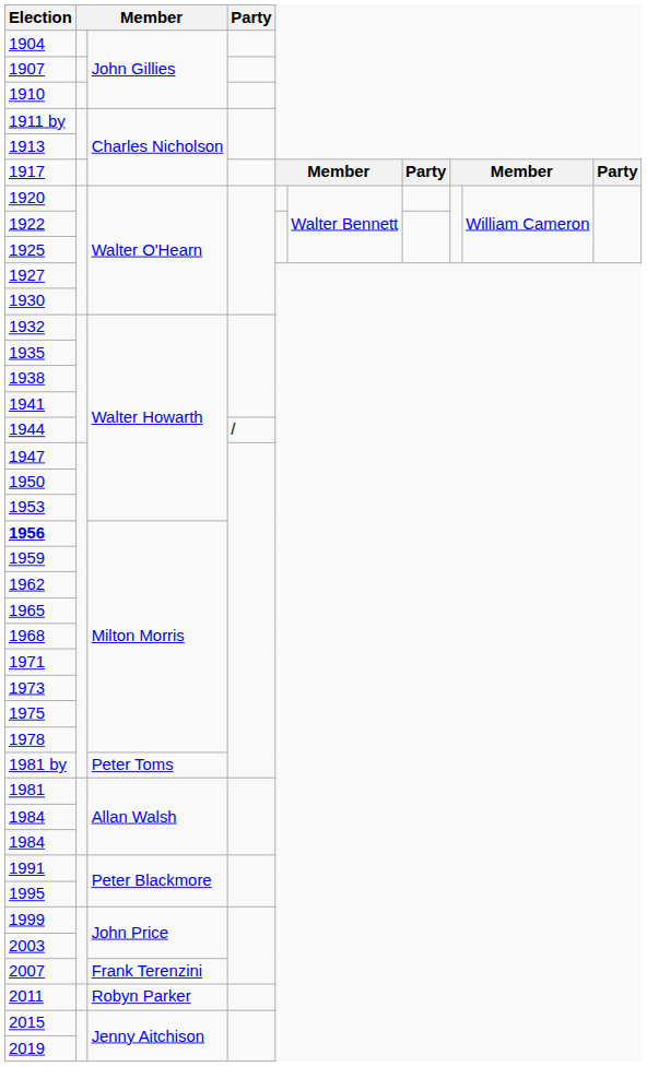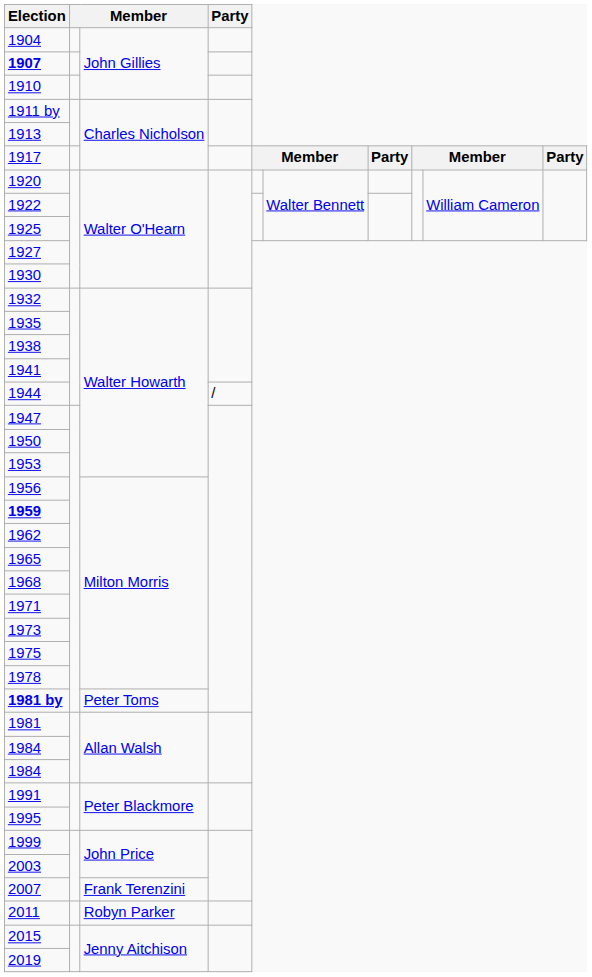 <table class="wikitable" style='border-style: none none none none;'>
 <tr>
 <th>Election</th>
 <th colspan="2">Member</th>
 <th>Party</th>
 </tr>
 <tr style="background: #f9f9f9">
 <td><a href='#'>1904</a></td>
 <td> </td>
 <td rowspan="3"><a href='#'>John Gillies</a></td>
 <td></td>
 </tr>
 <tr style="background: #f9f9f9">
-<td><a href='#'>1907</a></td>
+<td><strong><a href='#'>1907</a></strong></td>
 <td> </td>
 <td></td>
 </tr>
 <tr style="background: #f9f9f9">
 <td><a href='#'>1910</a></td>
 <td> </td>
 <td></td>
 </tr>
 <tr style="background: #f9f9f9">
 <td><a href='#'>1911 by</a></td>
 <td rowspan="2" > </td>
 <td rowspan="3"><a href='#'>Charles Nicholson</a></td>
 <td rowspan="2"></td>
 </tr>
 <tr style="background: #f9f9f9">
 <td><a href='#'>1913</a></td>
 </tr>
 <tr style="background: #f9f9f9">
 <td><a href='#'>1917</a></td>
 <td> </td>
 <td></td>
 <th colspan="2">Member</th>
 <th>Party</th>
 <th colspan="2">Member</th>
 <th>Party</th>
 </tr>
 <tr style="background: #f9f9f9">
 <td><a href='#'>1920</a></td>
 <td rowspan="5" > </td>
 <td rowspan="5"><a href='#'>Walter O'Hearn</a></td>
 <td rowspan="5"></td>
 <td> </td>
 <td rowspan="3"><a href='#'>Walter Bennett</a></td>
 <td></td>
 <td rowspan="3" > </td>
 <td rowspan="3"><a href='#'>William Cameron</a></td>
 <td rowspan="3"></td>
 </tr>
 <tr style="background: #f9f9f9">
 <td><a href='#'>1922</a></td>
 <td rowspan="2" > </td>
 <td rowspan="2"></td>
 </tr>
 <tr style="background: #f9f9f9">
 <td><a href='#'>1925</a></td>
 </tr>
 <tr style="background: #f9f9f9">
 <td><a href='#'>1927</a></td>
 </tr>
 <tr style="background: #f9f9f9">
 <td><a href='#'>1930</a></td>
 </tr>
 <tr style="background: #f9f9f9">
 <td><a href='#'>1932</a></td>
 <td rowspan="5" > </td>
 <td rowspan="8"><a href='#'>Walter Howarth</a></td>
 <td rowspan="4"></td>
 </tr>
 <tr style="background: #f9f9f9">
 <td><a href='#'>1935</a></td>
 </tr>
 <tr style="background: #f9f9f9">
 <td><a href='#'>1938</a></td>
 </tr>
 <tr style="background: #f9f9f9">
 <td><a href='#'>1941</a></td>
 </tr>
 <tr style="background: #f9f9f9">
 <td><a href='#'>1944</a></td>
 <td> / </td>
 </tr>
 <tr style="background: #f9f9f9">
 <td><a href='#'>1947</a></td>
 <td rowspan="13" > </td>
 <td rowspan="13"></td>
 </tr>
 <tr style="background: #f9f9f9">
 <td><a href='#'>1950</a></td>
 </tr>
 <tr style="background: #f9f9f9">
 <td><a href='#'>1953</a></td>
 </tr>
 <tr style="background: #f9f9f9">
-<td><strong><a href='#'>1956</a></strong></td>
+<td><a href='#'>1956</a></td>
 <td rowspan="9"><a href='#'>Milton Morris</a></td>
 </tr>
 <tr style="background: #f9f9f9">
-<td><a href='#'>1959</a></td>
+<td><strong><a href='#'>1959</a></strong></td>
 </tr>
 <tr style="background: #f9f9f9">
 <td><a href='#'>1962</a></td>
 </tr>
 <tr style="background: #f9f9f9">
 <td><a href='#'>1965</a></td>
 </tr>
 <tr style="background: #f9f9f9">
 <td><a href='#'>1968</a></td>
 </tr>
 <tr style="background: #f9f9f9">
 <td><a href='#'>1971</a></td>
 </tr>
 <tr style="background: #f9f9f9">
 <td><a href='#'>1973</a></td>
 </tr>
 <tr style="background: #f9f9f9">
 <td><a href='#'>1975</a></td>
 </tr>
 <tr style="background: #f9f9f9">
 <td><a href='#'>1978</a></td>
 </tr>
 <tr style="background: #f9f9f9">
-<td><a href='#'>1981 by</a></td>
+<td><strong><a href='#'>1981 by</a></strong></td>
 <td><a href='#'>Peter Toms</a></td>
 </tr>
 <tr style="background: #f9f9f9">
 <td><a href='#'>1981</a></td>
 <td rowspan="3" > </td>
 <td rowspan="3"><a href='#'>Allan Walsh</a></td>
 <td rowspan="3"></td>
 </tr>
 <tr style="background: #f9f9f9">
 <td><a href='#'>1984</a></td>
 </tr>
 <tr style="background: #f9f9f9">
 <td><a href='#'>1984</a></td>
 </tr>
 <tr style="background: #f9f9f9">
 <td><a href='#'>1991</a></td>
 <td rowspan="2" > </td>
 <td rowspan="2"><a href='#'>Peter Blackmore</a></td>
 <td rowspan="2"></td>
 </tr>
 <tr style="background: #f9f9f9">
 <td><a href='#'>1995</a></td>
 </tr>
 <tr style="background: #f9f9f9">
 <td><a href='#'>1999</a></td>
 <td rowspan="3" > </td>
 <td rowspan="2"><a href='#'>John Price</a></td>
 <td rowspan="3"></td>
 </tr>
 <tr style="background: #f9f9f9">
 <td><a href='#'>2003</a></td>
 </tr>
 <tr style="background: #f9f9f9">
 <td><a href='#'>2007</a></td>
 <td><a href='#'>Frank Terenzini</a></td>
 </tr>
 <tr style="background: #f9f9f9">
 <td><a href='#'>2011</a></td>
 <td> </td>
 <td><a href='#'>Robyn Parker</a></td>
 <td></td>
 </tr>
 <tr style="background: #f9f9f9">
 <td><a href='#'>2015</a></td>
 <td rowspan="2" > </td>
 <td rowspan="2"><a href='#'>Jenny Aitchison</a></td>
 <td rowspan="2"></td>
 </tr>
 <tr style="background: #f9f9f9">
 <td><a href='#'>2019</a></td>
 </tr>
 </table>
